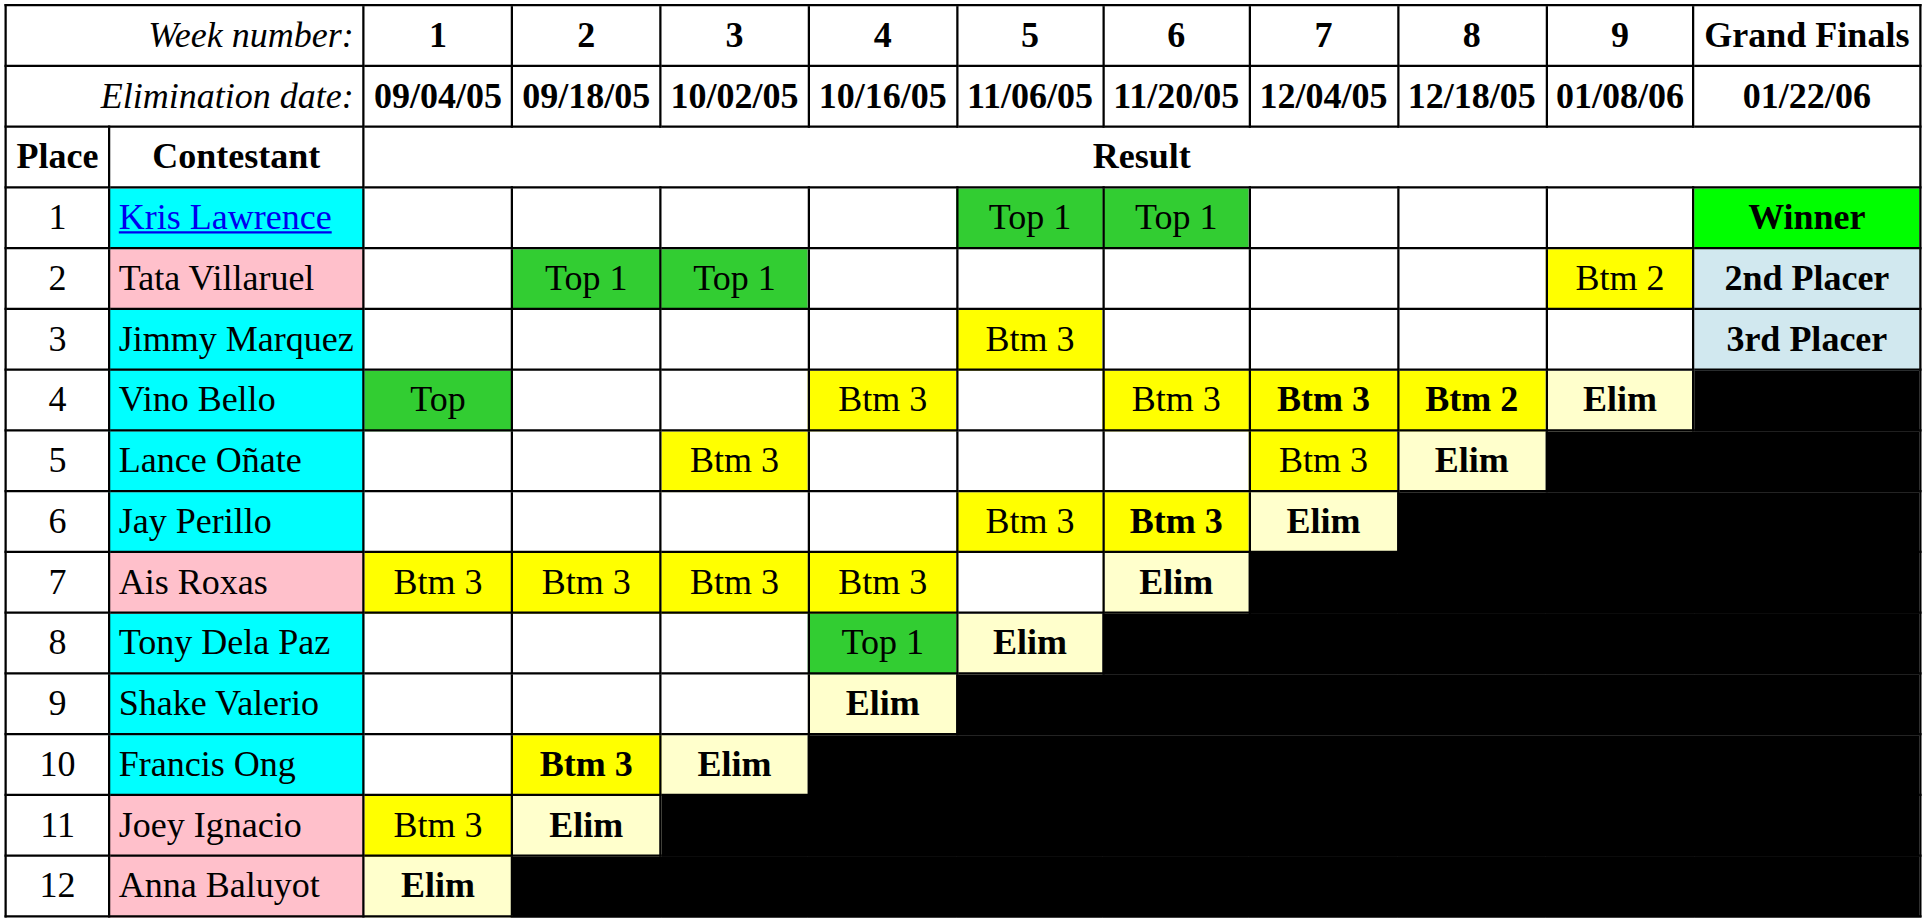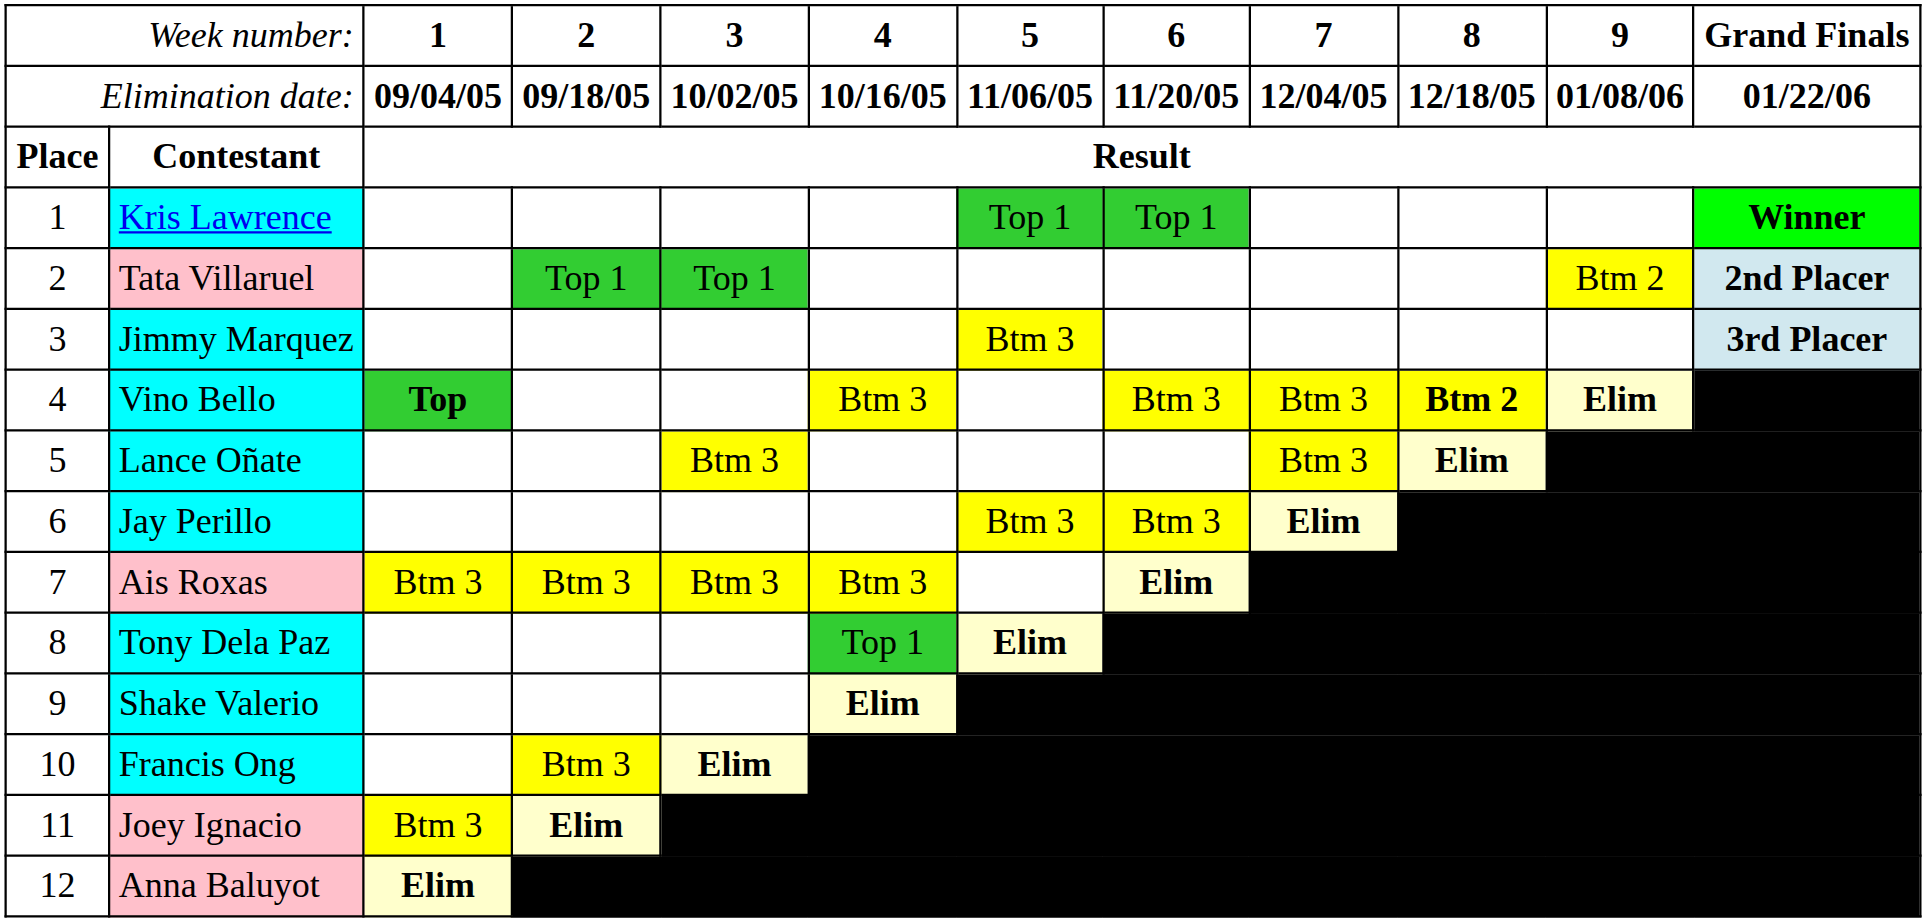 <table border="2" cellpadding="4" style="margin:1em auto; background:white; border:1px solid black; border-collapse:collapse; text-align:center">
 <tr>
 <td colspan="2" align="right"><em>Week number:</em></td>
 <th>1</th>
 <th>2</th>
 <th>3</th>
 <th>4</th>
 <th>5</th>
 <th>6</th>
 <th>7</th>
 <th>8</th>
 <th>9</th>
 <th>Grand Finals</th>
 </tr>
 <tr>
 <td colspan="2" align="right"><em>Elimination date:</em></td>
 <th>09/04/05</th>
 <th>09/18/05</th>
 <th>10/02/05</th>
 <th>10/16/05</th>
 <th>11/06/05</th>
 <th>11/20/05</th>
 <th>12/04/05</th>
 <th>12/18/05</th>
 <th>01/08/06</th>
 <th>01/22/06</th>
 </tr>
 <tr>
 <th>Place</th>
 <th>Contestant</th>
 <th colspan="10" align="center">Result</th>
 </tr>
 <tr>
 <td align="center">1</td>
 <td style="background:cyan; color:black" align="left"><a href='#'>Kris Lawrence</a></td>
 <td style="background:white; color:black"></td>
 <td style="background:white; color:black"></td>
 <td style="background:white; color:black"></td>
 <td style="background:white; color:black"></td>
 <td style="background:#32CD32; color:black">Top 1</td>
 <td style="background:#32CD32; color:black">Top 1</td>
 <td style="background:white; color:black"></td>
 <td style="background:white; color:black"></td>
 <td style="background:white; color:black"></td>
 <td style="background:lime; color:black"><strong>Winner</strong></td>
 </tr>
 <tr>
 <td align="center">2</td>
 <td style="background:pink; color:black" align="left" align="left" align="left">Tata Villaruel</td>
 <td style="background:white; color:black"></td>
 <td style="background:#32CD32; color:black">Top 1</td>
 <td style="background:#32CD32; color:black">Top 1</td>
 <td style="background:white; color:black"></td>
 <td style="background:white; color:black"></td>
 <td style="background:white; color:black"></td>
 <td style="background:white; color:black"></td>
 <td style="background:white; color:black"></td>
 <td style="background:yellow; color:black">Btm 2</td>
 <td style="background:#D1E8EF; color:black"><strong>2nd Placer</strong></td>
 </tr>
 <tr>
 <td align="center">3</td>
 <td style="background:cyan; color:black" align="left" align="left">Jimmy Marquez</td>
 <td style="background:white; color:black"></td>
 <td style="background:white; color:black"></td>
 <td style="background:white; color:black"></td>
 <td style="background:white; color:black"></td>
 <td style="background:yellow; color:black">Btm 3</td>
 <td style="background:white; color:black"></td>
 <td style="background:white; color:black"></td>
 <td style="background:white; color:black"></td>
 <td style="background:white; color:black"></td>
 <td style="background:#D1E8EF; color:black"><strong>3rd Placer</strong></td>
 </tr>
 <tr>
 <td align="center">4</td>
 <td style="background:cyan; color:black" align="left" align="left">Vino Bello</td>
-<td style="background:#32CD32; color:black">Top</td>
+<td style="background:#32CD32; color:black"><strong>Top</strong></td>
 <td style="background:white; color:black"></td>
 <td style="background:white; color:black"></td>
 <td style="background:yellow; color:black">Btm 3</td>
 <td style="background:white; color:black"></td>
 <td style="background:yellow; color:black">Btm 3</td>
-<td style="background:yellow; color:black"><strong>Btm 3</strong></td>
+<td style="background:yellow; color:black">Btm 3</td>
 <td style="background:yellow; color:black"><strong>Btm 2</strong></td>
 <td style="background:#FFFFCC; color:black"><strong>Elim</strong></td>
 <td style="background:Black; color:white" colspan=1></td>
 </tr>
 <tr>
 <td align="center">5</td>
 <td style="background:cyan; color:black" align="left" align="left">Lance Oñate</td>
 <td style="background:white; color:black"></td>
 <td style="background:white; color:black"></td>
 <td style="background:yellow; color:black">Btm 3</td>
 <td style="background:white; color:black"></td>
 <td style="background:white; color:black"></td>
 <td style="background:white; color:black"></td>
 <td style="background:yellow; color:black">Btm 3</td>
 <td style="background:#FFFFCC; color:black"><strong>Elim</strong></td>
 <td style="background:Black; color:white" colspan=2></td>
 </tr>
 <tr>
 <td align="center">6</td>
 <td style="background:cyan; color:black" align="left" align="left" align="left">Jay Perillo</td>
 <td style="background:white; color:black"></td>
 <td style="background:white; color:black"></td>
 <td style="background:white; color:black"></td>
 <td style="background:white; color:black"></td>
 <td style="background:yellow; color:black">Btm 3</td>
-<td style="background:yellow; color:black"><strong>Btm 3</strong></td>
+<td style="background:yellow; color:black">Btm 3</td>
 <td style="background:#FFFFCC; color:black"><strong>Elim</strong></td>
 <td style="background:Black; color:white" colspan=3></td>
 </tr>
 <tr>
 <td align="center">7</td>
 <td style="background:pink; color:black" align="left" align="left" align="left">Ais Roxas</td>
 <td style="background:yellow; color:black">Btm 3</td>
 <td style="background:yellow; color:black">Btm 3</td>
 <td style="background:yellow; color:black">Btm 3</td>
 <td style="background:yellow; color:black">Btm 3</td>
 <td style="background:white; color:black"></td>
 <td style="background:#FFFFCC; color:black"><strong>Elim</strong></td>
 <td style="background:Black; color:white" colspan=4></td>
 </tr>
 <tr>
 <td align="center">8</td>
 <td style="background:cyan; color:black" align="left" align="left" align="left">Tony Dela Paz</td>
 <td style="background:white; color:black"></td>
 <td style="background:white; color:black"></td>
 <td style="background:white; color:black"></td>
 <td style="background:#32CD32; color:black">Top 1</td>
 <td style="background:#FFFFCC; color:black"><strong>Elim</strong></td>
 <td style="background:Black; color:white" colspan=5></td>
 </tr>
 <tr>
 <td align="center">9</td>
 <td style="background:cyan; color:black" align="left" align="left" align="left">Shake Valerio</td>
 <td style="background:white; color:black"></td>
 <td style="background:white; color:black"></td>
 <td style="background:white; color:black"></td>
 <td style="background:#FFFFCC; color:black"><strong>Elim</strong></td>
 <td style="background:Black; color:white" colspan=6></td>
 </tr>
 <tr>
 <td align="center">10</td>
 <td style="background:cyan; color:black" align="left" align="left" align="left">Francis Ong</td>
 <td style="background:white; color:black"></td>
-<td style="background:yellow; color:black"><strong>Btm 3</strong></td>
+<td style="background:yellow; color:black">Btm 3</td>
 <td style="background:#FFFFCC; color:black"><strong>Elim</strong></td>
 <td style="background:Black; color:white" colspan=7></td>
 </tr>
 <tr>
 <td align="center">11</td>
 <td style="background:pink; color:black" align="left" align="left" align="left">Joey Ignacio</td>
 <td style="background:yellow; color:black">Btm 3</td>
 <td style="background:#FFFFCC; color:black"><strong>Elim</strong></td>
 <td style="background:Black; color:white" colspan=8></td>
 </tr>
 <tr>
 <td align="center">12</td>
 <td style="background:pink; color:black" align="left" align="left" align="left">Anna Baluyot</td>
 <td style="background:#FFFFCC; color:black"><strong>Elim</strong></td>
 <td style="background:Black; color:white" colspan=9></td>
 </tr>
 </table>
